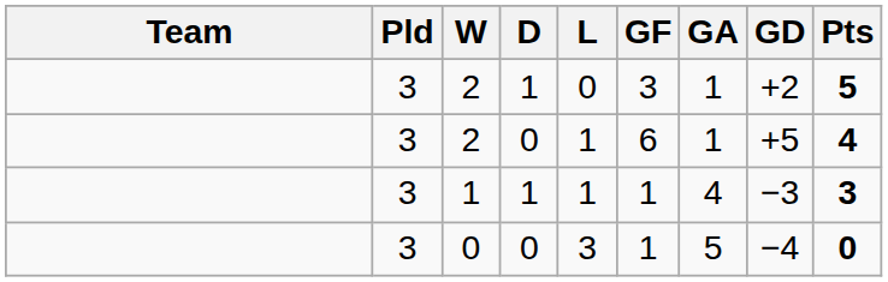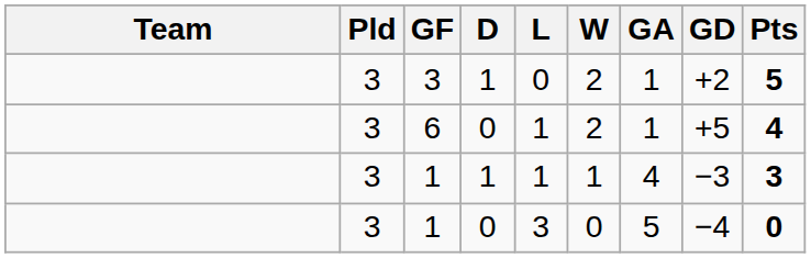 <table class="wikitable" style="text-align: center;">
 <tr>
 <th width=165>Team</th>
 <th width=20>Pld</th>
-<th width=20>W</th>
+<th width=20>GF</th>
 <th width=20>D</th>
 <th width=20>L</th>
-<th width=20>GF</th>
+<th width=20>W</th>
 <th width=20>GA</th>
 <th width=20>GD</th>
 <th width=20>Pts</th>
 </tr>
 <tr>
 <td style="text-align:left;"></td>
 <td>3</td>
-<td>2</td>
+<td>3</td>
 <td>1</td>
 <td>0</td>
-<td>3</td>
+<td>2</td>
 <td>1</td>
 <td>+2</td>
 <td><strong>5</strong></td>
 </tr>
 <tr>
 <td style="text-align:left;"></td>
 <td>3</td>
-<td>2</td>
+<td>6</td>
 <td>0</td>
 <td>1</td>
-<td>6</td>
+<td>2</td>
 <td>1</td>
 <td>+5</td>
 <td><strong>4</strong></td>
 </tr>
 <tr>
 <td style="text-align:left;"></td>
 <td>3</td>
 <td>1</td>
 <td>1</td>
 <td>1</td>
 <td>1</td>
 <td>4</td>
 <td>−3</td>
 <td><strong>3</strong></td>
 </tr>
 <tr>
 <td style="text-align:left;"></td>
 <td>3</td>
-<td>0</td>
+<td>1</td>
 <td>0</td>
 <td>3</td>
-<td>1</td>
+<td>0</td>
 <td>5</td>
 <td>−4</td>
 <td><strong>0</strong></td>
 </tr>
 </table>
